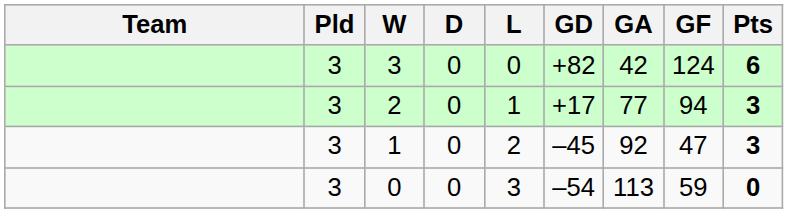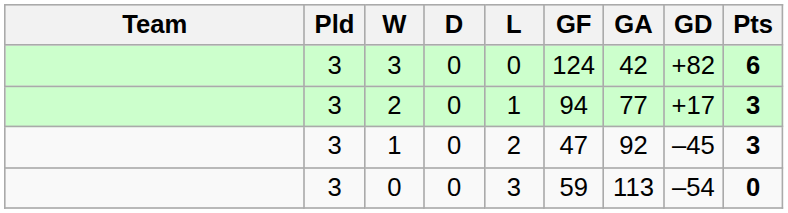 <table class="wikitable" style="text-align: center;">
 <tr>
 <th width="180">Team</th>
 <th width="30">Pld</th>
 <th width="30">W</th>
 <th width="30">D</th>
 <th width="30">L</th>
+<th width="30">GF</th>
+<th width="30">GA</th>
 <th width="30">GD</th>
-<th width="30">GA</th>
-<th width="30">GF</th>
 <th width="30">Pts</th>
 </tr>
 <tr bgcolor=#CCFFCC>
 <td align="left"></td>
 <td>3</td>
 <td>3</td>
 <td>0</td>
 <td>0</td>
+<td>124</td>
+<td>42</td>
 <td>+82</td>
-<td>42</td>
-<td>124</td>
 <td><strong>6</strong></td>
 </tr>
 <tr bgcolor=#CCFFCC>
 <td align="left"></td>
 <td>3</td>
 <td>2</td>
 <td>0</td>
 <td>1</td>
+<td>94</td>
+<td>77</td>
 <td>+17</td>
-<td>77</td>
-<td>94</td>
 <td><strong>3</strong></td>
 </tr>
 <tr>
 <td align="left"></td>
 <td>3</td>
 <td>1</td>
 <td>0</td>
 <td>2</td>
+<td>47</td>
+<td>92</td>
 <td>–45</td>
-<td>92</td>
-<td>47</td>
 <td><strong>3</strong></td>
 </tr>
 <tr>
 <td align="left"></td>
 <td>3</td>
 <td>0</td>
 <td>0</td>
 <td>3</td>
+<td>59</td>
+<td>113</td>
 <td>–54</td>
-<td>113</td>
-<td>59</td>
 <td><strong>0</strong></td>
 </tr>
 </table>
